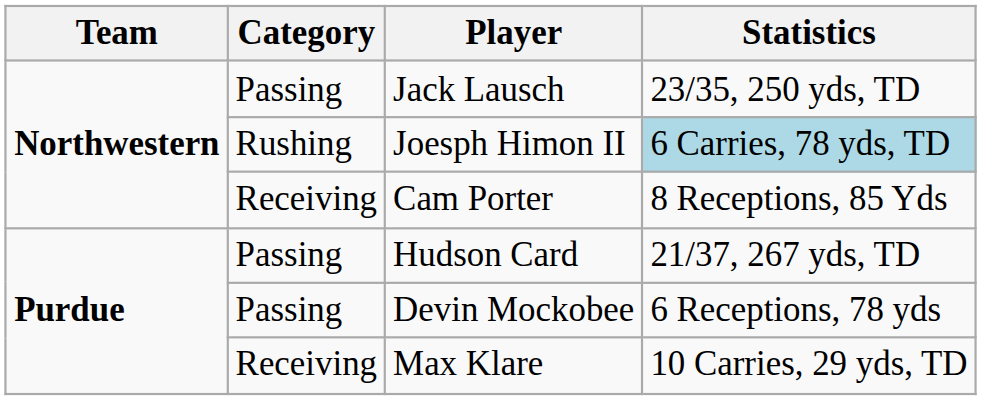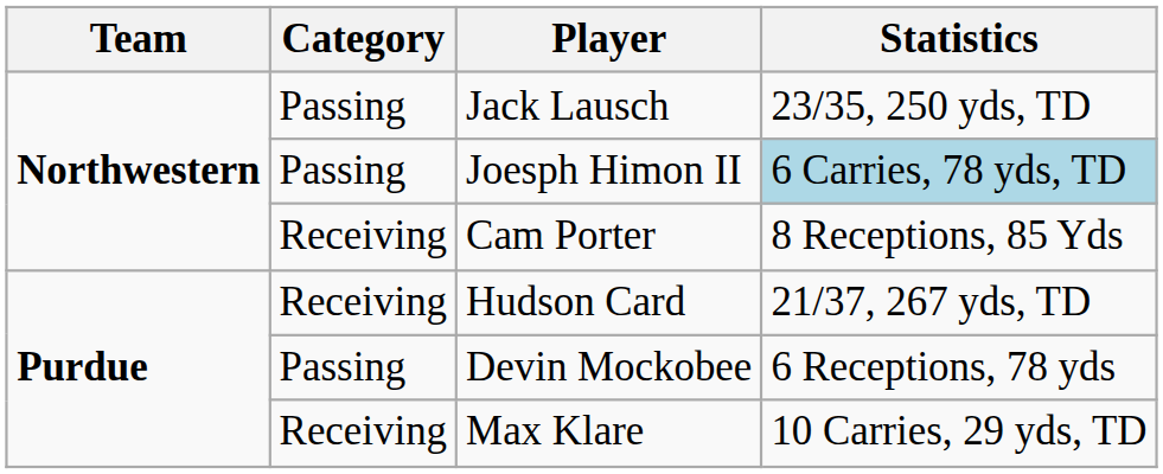 <table class="wikitable" style="float: right;">
 <tr>
 <th>Team</th>
 <th>Category</th>
 <th>Player</th>
 <th>Statistics</th>
 </tr>
 <tr>
 <td rowspan=3><strong>Northwestern</strong></td>
 <td>Passing</td>
 <td>Jack Lausch</td>
 <td>23/35, 250 yds, TD</td>
 </tr>
 <tr>
-<td>Rushing</td>
+<td>Passing</td>
 <td>Joesph Himon II</td>
 <td style="background: lightblue;">6 Carries, 78 yds, TD</td>
 </tr>
 <tr>
 <td>Receiving</td>
 <td>Cam Porter</td>
 <td>8 Receptions, 85 Yds</td>
 </tr>
 <tr>
 <td rowspan=3><strong>Purdue</strong></td>
-<td>Passing</td>
+<td>Receiving</td>
 <td>Hudson Card</td>
 <td>21/37, 267 yds, TD</td>
 </tr>
 <tr>
 <td>Passing</td>
 <td>Devin Mockobee</td>
 <td>6 Receptions, 78 yds</td>
 </tr>
 <tr>
 <td>Receiving</td>
 <td>Max Klare</td>
 <td>10 Carries, 29 yds, TD</td>
 </tr>
 </table>
